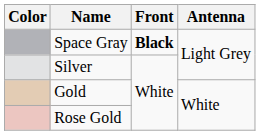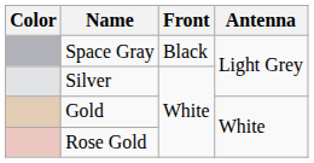 <table class="wikitable">
 <tr>
 <th>Color</th>
 <th>Name</th>
 <th>Front</th>
 <th>Antenna</th>
 </tr>
 <tr>
 <td bgcolor="#B1B2B7"></td>
 <td>Space Gray</td>
-<td><strong>Black</strong></td>
+<td>Black</td>
 <td rowspan="2">Light Grey</td>
 </tr>
 <tr>
 <td bgcolor="#E2E3E4"></td>
 <td>Silver</td>
 <td rowspan="3">White</td>
 </tr>
 <tr>
 <td bgcolor="#E3CCB4"></td>
 <td>Gold</td>
 <td rowspan="2">White</td>
 </tr>
 <tr>
 <td bgcolor="#ECC6C1"></td>
 <td>Rose Gold</td>
 </tr>
 </table>
